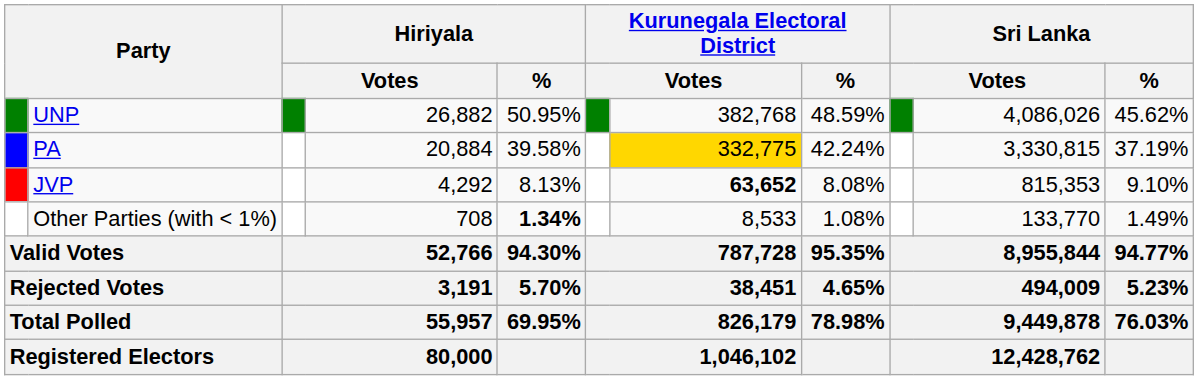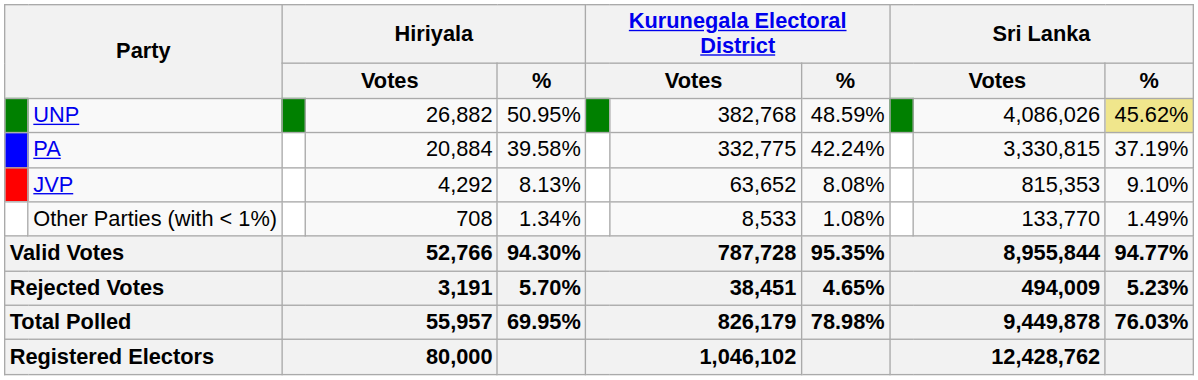 <table class="wikitable">
 <tr>
 <th colspan="2" width="144px"rowspan="2">Party</th>
 <th colspan="3" width="216px">Hiriyala</th>
 <th colspan="3" width="216px"><a href='#'>Kurunegala Electoral District</a></th>
 <th colspan="3" width="216px">Sri Lanka</th>
 </tr>
 <tr>
 <th colspan="2" width="144px">Votes</th>
 <th>%</th>
 <th colspan="2" width="144px">Votes</th>
 <th>%</th>
 <th colspan="2" width="144px">Votes</th>
 <th>%</th>
 </tr>
 <tr>
 <td style="background-color:green;" width="10px"></td>
 <td style="text-align:left;"><a href='#'>UNP</a></td>
 <td style="background-color:green;" width="10px"></td>
 <td style="text-align:right;">26,882</td>
 <td style="text-align:right;">50.95%</td>
 <td style="background-color:green;" width="10px"></td>
 <td style="text-align:right;">382,768</td>
 <td style="text-align:right;">48.59%</td>
 <td style="background-color:green;" width="10px"></td>
 <td style="text-align:right;">4,086,026</td>
-<td style="text-align:right;">45.62%</td>
+<td style="background: khaki; text-align:right;">45.62%</td>
 </tr>
 <tr>
 <td style="background-color:blue;" width="10px"></td>
 <td style="text-align:left;"><a href='#'>PA</a></td>
 <td style="background-color:white;" width="10px"></td>
 <td style="text-align:right;">20,884</td>
 <td style="text-align:right;">39.58%</td>
 <td style="background-color:white;" width="10px"></td>
-<td style="background: gold; text-align:right;">332,775</td>
+<td style="text-align:right;">332,775</td>
 <td style="text-align:right;">42.24%</td>
 <td style="background-color:white;" width="10px"></td>
 <td style="text-align:right;">3,330,815</td>
 <td style="text-align:right;">37.19%</td>
 </tr>
 <tr>
 <td style="background-color:red;" width="10px"></td>
 <td style="text-align:left;"><a href='#'>JVP</a></td>
 <td style="background-color:white;" width="10px"></td>
 <td style="text-align:right;">4,292</td>
 <td style="text-align:right;">8.13%</td>
 <td style="background-color:white;" width="10px"></td>
-<td style="text-align:right;"><strong>63,652</strong></td>
+<td style="text-align:right;">63,652</td>
 <td style="text-align:right;">8.08%</td>
 <td style="background-color:white;" width="10px"></td>
 <td style="text-align:right;">815,353</td>
 <td style="text-align:right;">9.10%</td>
 </tr>
 <tr>
 <td style="background-color:white;" width="10px"></td>
 <td style="text-align:left;">Other Parties (with < 1%)</td>
 <td style="background-color:white;" width="10px"></td>
 <td style="text-align:right;">708</td>
-<td style="text-align:right;"><strong>1.34%</strong></td>
+<td style="text-align:right;">1.34%</td>
 <td style="background-color:white;" width="10px"></td>
 <td style="text-align:right;">8,533</td>
 <td style="text-align:right;">1.08%</td>
 <td style="background-color:white;" width="10px"></td>
 <td style="text-align:right;">133,770</td>
 <td style="text-align:right;">1.49%</td>
 </tr>
 <tr>
 <th colspan="2" width="144px"style="text-align:left;">Valid Votes</th>
 <th style="text-align:right;"colspan="2" width="144px">52,766</th>
 <th style="text-align:right;">94.30%</th>
 <th style="text-align:right;"colspan="2" width="144px">787,728</th>
 <th style="text-align:right;">95.35%</th>
 <th style="text-align:right;"colspan="2" width="144px">8,955,844</th>
 <th style="text-align:right;">94.77%</th>
 </tr>
 <tr>
 <th colspan="2" width="144px"style="text-align:left;">Rejected Votes</th>
 <th style="text-align:right;"colspan="2" width="144px">3,191</th>
 <th style="text-align:right;">5.70%</th>
 <th style="text-align:right;"colspan="2" width="144px">38,451</th>
 <th style="text-align:right;">4.65%</th>
 <th style="text-align:right;"colspan="2" width="144px">494,009</th>
 <th style="text-align:right;">5.23%</th>
 </tr>
 <tr>
 <th colspan="2" width="144px"style="text-align:left;">Total Polled</th>
 <th style="text-align:right;"colspan="2" width="144px">55,957</th>
 <th style="text-align:right;">69.95%</th>
 <th style="text-align:right;"colspan="2" width="144px">826,179</th>
 <th style="text-align:right;">78.98%</th>
 <th style="text-align:right;"colspan="2" width="144px">9,449,878</th>
 <th style="text-align:right;">76.03%</th>
 </tr>
 <tr>
 <th colspan="2" width="144px"style="text-align:left;">Registered Electors</th>
 <th style="text-align:right;"colspan="2" width="144px">80,000</th>
 <th></th>
 <th style="text-align:right;"colspan="2" width="144px">1,046,102</th>
 <th></th>
 <th style="text-align:right;"colspan="2" width="144px">12,428,762</th>
 <th></th>
 </tr>
 </table>
